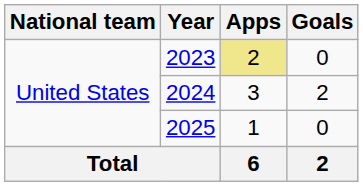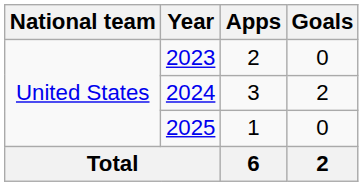 <table class="wikitable" style="text-align:center">
 <tr>
 <th>National team</th>
 <th>Year</th>
 <th>Apps</th>
 <th>Goals</th>
 </tr>
 <tr>
 <td rowspan="3"><a href='#'>United States</a></td>
 <td><a href='#'>2023</a></td>
-<td style="background: khaki;">2</td>
+<td>2</td>
 <td>0</td>
 </tr>
 <tr>
 <td><a href='#'>2024</a></td>
 <td>3</td>
 <td>2</td>
 </tr>
 <tr>
 <td><a href='#'>2025</a></td>
 <td>1</td>
 <td>0</td>
 </tr>
 <tr>
 <th colspan="2">Total</th>
 <th>6</th>
 <th>2</th>
 </tr>
 </table>
